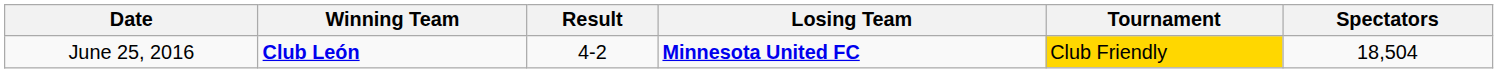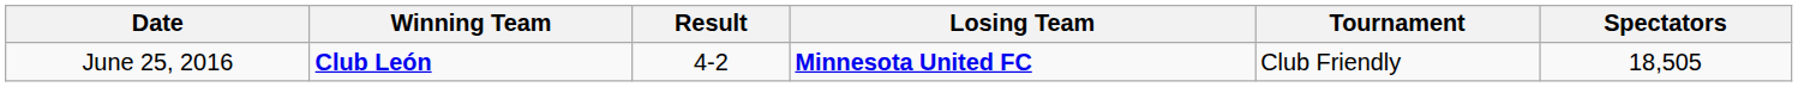 <table class="wikitable" style="text-align:left; width:95%;" style="text-align:center">
 <tr>
 <th style="text-align:center; ">Date</th>
 <th style="text-align:center; ">Winning Team</th>
 <th style="text-align:center; ">Result</th>
 <th style="text-align:center; ">Losing Team</th>
 <th style="text-align:center; ">Tournament</th>
 <th style="text-align:center; ">Spectators</th>
 </tr>
 <tr>
 <td style="text-align:center;">June 25, 2016</td>
 <td> <strong><a href='#'>Club León</a></strong></td>
 <td style="text-align:center;">4-2</td>
 <td><strong> <a href='#'>Minnesota United FC</a></strong></td>
-<td style="background: gold;">Club Friendly</td>
-<td style="text-align:center;">18,504</td>
+<td>Club Friendly</td>
+<td style="text-align:center;">18,505</td>
 </tr>
 </table>
